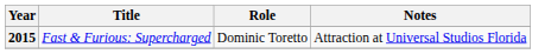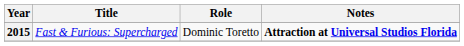 <table class="wikitable sortable plainrowheaders" style="margin-right: 0;">
 <tr>
 <th scope="col">Year</th>
 <th scope="col">Title</th>
 <th scope="col">Role</th>
 <th scope="col" class="unsortable">Notes</th>
 </tr>
 <tr>
 </tr>
 <tr>
 <th scope="row">2015</th>
 <td><em><a href='#'>Fast & Furious: Supercharged</a></em></td>
 <td>Dominic Toretto</td>
-<td>Attraction at <a href='#'>Universal Studios Florida</a></td>
+<td><strong>Attraction at <a href='#'>Universal Studios Florida</a></strong></td>
 </tr>
 <tr>
 </tr>
 </table>
